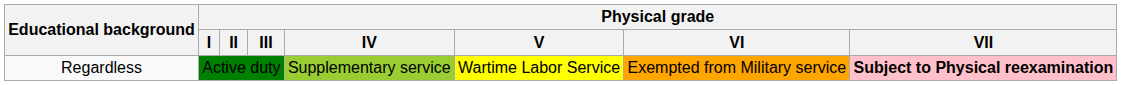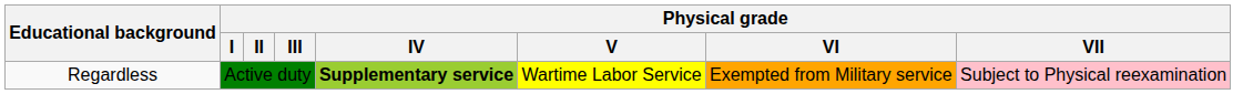 <table class="wikitable">
 <tr>
 <th rowspan="2">Educational background</th>
 <th colspan="7">Physical grade</th>
 </tr>
 <tr>
 <th>I</th>
 <th>II</th>
 <th>III</th>
 <th>IV</th>
 <th>V</th>
 <th>VI</th>
 <th>VII</th>
 </tr>
 <tr>
 <td div style="text-align:center">Regardless</td>
 <td colspan="3" div style="background:green; text-align:center;">Active duty</td>
-<td div style="background:yellowgreen; text-align:center;">Supplementary service</td>
+<td div style="background:yellowgreen; text-align:center;"><strong>Supplementary service</strong></td>
 <td div style="background:yellow; text-align:center;">Wartime Labor Service</td>
 <td div style="background:orange; text-align:center;">Exempted from Military service</td>
-<td div style="background:pink; text-align:center;"><strong>Subject to Physical reexamination</strong></td>
+<td div style="background:pink; text-align:center;">Subject to Physical reexamination</td>
 </tr>
 </table>
